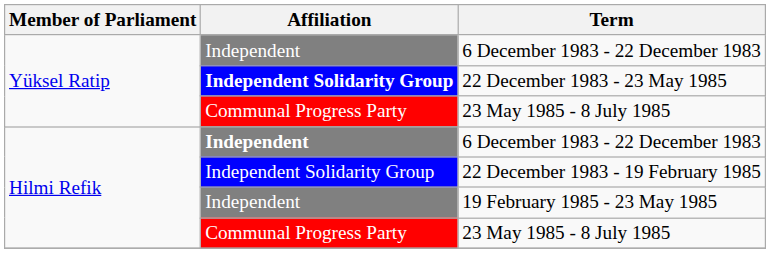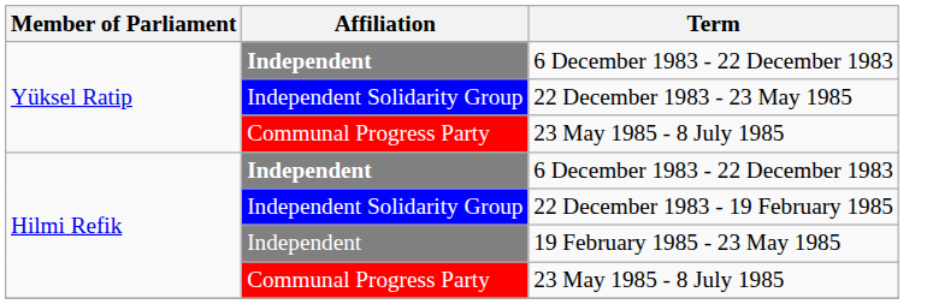 <table class="wikitable">
 <tr>
 <th>Member of Parliament</th>
 <th>Affiliation</th>
 <th>Term</th>
 </tr>
 <tr>
 <td rowspan=3><a href='#'>Yüksel Ratip</a></td>
-<td style="background:gray; color:white">Independent</td>
+<td style="background:gray; color:white"><strong>Independent</strong></td>
 <td>6 December 1983 - 22 December 1983</td>
 </tr>
 <tr>
-<td style="background:blue; color:white"><strong>Independent Solidarity Group</strong></td>
+<td style="background:blue; color:white">Independent Solidarity Group</td>
 <td>22 December 1983 - 23 May 1985</td>
 </tr>
 <tr>
 <td style="background:red; color:white">Communal Progress Party</td>
 <td>23 May 1985 - 8 July 1985</td>
 </tr>
 <tr>
 <td rowspan=4><a href='#'>Hilmi Refik</a></td>
 <td style="background:gray; color:white"><strong>Independent</strong></td>
 <td>6 December 1983 - 22 December 1983</td>
 </tr>
 <tr>
 <td style="background:blue; color:white">Independent Solidarity Group</td>
 <td>22 December 1983 - 19 February 1985</td>
 </tr>
 <tr>
 <td style="background:gray; color:white">Independent</td>
 <td>19 February 1985 - 23 May 1985</td>
 </tr>
 <tr>
 <td style="background:red; color:white">Communal Progress Party</td>
 <td>23 May 1985 - 8 July 1985</td>
 </tr>
 <tr>
 </tr>
 </table>
